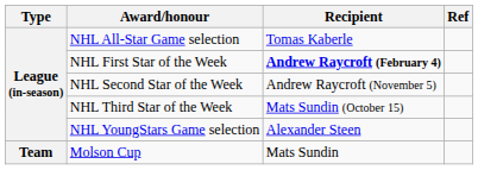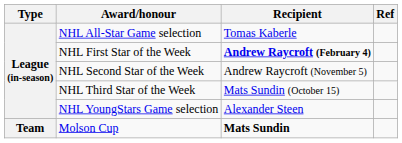 <table class="wikitable">
 <tr>
 <th scope="col">Type</th>
 <th scope="col">Award/honour</th>
 <th scope="col">Recipient</th>
 <th scope="col">Ref</th>
 </tr>
 <tr>
 <th scope="row" rowspan="5">League<br><small>(in-season)</small></th>
 <td><a href='#'>NHL All-Star Game</a> selection</td>
 <td><a href='#'>Tomas Kaberle</a></td>
 <td></td>
 </tr>
 <tr>
 <td>NHL First Star of the Week</td>
 <td><strong><a href='#'>Andrew Raycroft</a> <small>(February 4)</small></strong></td>
 <td></td>
 </tr>
 <tr>
 <td>NHL Second Star of the Week</td>
 <td>Andrew Raycroft <small>(November 5)</small></td>
 <td></td>
 </tr>
 <tr>
 <td>NHL Third Star of the Week</td>
 <td><a href='#'>Mats Sundin</a> <small>(October 15)</small></td>
 <td></td>
 </tr>
 <tr>
 <td><a href='#'>NHL YoungStars Game</a> selection</td>
 <td><a href='#'>Alexander Steen</a></td>
 <td></td>
 </tr>
 <tr>
 <th scope="row">Team</th>
 <td><a href='#'>Molson Cup</a></td>
-<td>Mats Sundin</td>
+<td><strong>Mats Sundin</strong></td>
 <td></td>
 </tr>
 </table>
